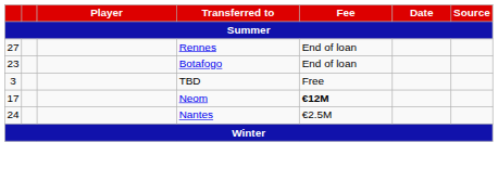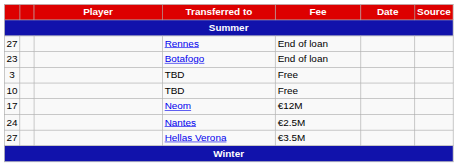 <table class="wikitable plainrowheaders sortable">
 <tr>
 <th style="background:#DD0000; color:white; scope=col; width:15px"></th>
 <th style="background:#DD0000; color:white; scope=col; width:15px"></th>
 <th style="background:#DD0000; color:white; scope=col; width:200px">Player</th>
 <th style="background:#DD0000; color:white; scope=col; width:175px">Transferred to</th>
 <th style="background:#DD0000; color:white; scope=col; width:130px">Fee</th>
 <th style="background:#DD0000; color:white; scope=col; width:80px">Date</th>
 <th style="background:#DD0000; color:white; scope=col; width:15px">Source</th>
 </tr>
 <tr>
 <th colspan="7" style="background:#1112AB; color:white;">Summer</th>
 </tr>
 <tr>
 <td align=center>27</td>
 <td align=center></td>
 <td></td>
 <td> <a href='#'>Rennes</a></td>
 <td>End of loan</td>
 <td></td>
 <td></td>
 </tr>
 <tr>
 <td align=center>23</td>
 <td align=center></td>
 <td></td>
 <td> <a href='#'>Botafogo</a></td>
 <td>End of loan</td>
 <td></td>
 <td></td>
 </tr>
 <tr>
 <td align=center>3</td>
 <td align=center></td>
 <td></td>
 <td>TBD</td>
 <td>Free</td>
 <td></td>
 <td></td>
 </tr>
 <tr>
+<td align=center>10</td>
+<td align=center></td>
+<td></td>
+<td>TBD</td>
+<td>Free</td>
+<td></td>
+<td></td>
+</tr>
+<tr>
 <td align=center>17</td>
 <td align=center></td>
 <td></td>
 <td> <a href='#'>Neom</a></td>
-<td><strong>€12M</strong></td>
+<td>€12M</td>
 <td></td>
 <td></td>
 </tr>
 <tr>
 <td align=center>24</td>
 <td align=center></td>
 <td></td>
 <td> <a href='#'>Nantes</a></td>
 <td>€2.5M</td>
 <td></td>
 <td></td>
 </tr>
 <tr>
+<td align=center>27</td>
+<td align=center></td>
+<td></td>
+<td> <a href='#'>Hellas Verona</a></td>
+<td>€3.5M</td>
+<td></td>
+<td></td>
+</tr>
+<tr>
 <th colspan="7" style="background:#1112AB; color:white;">Winter</th>
 </tr>
 </table>
